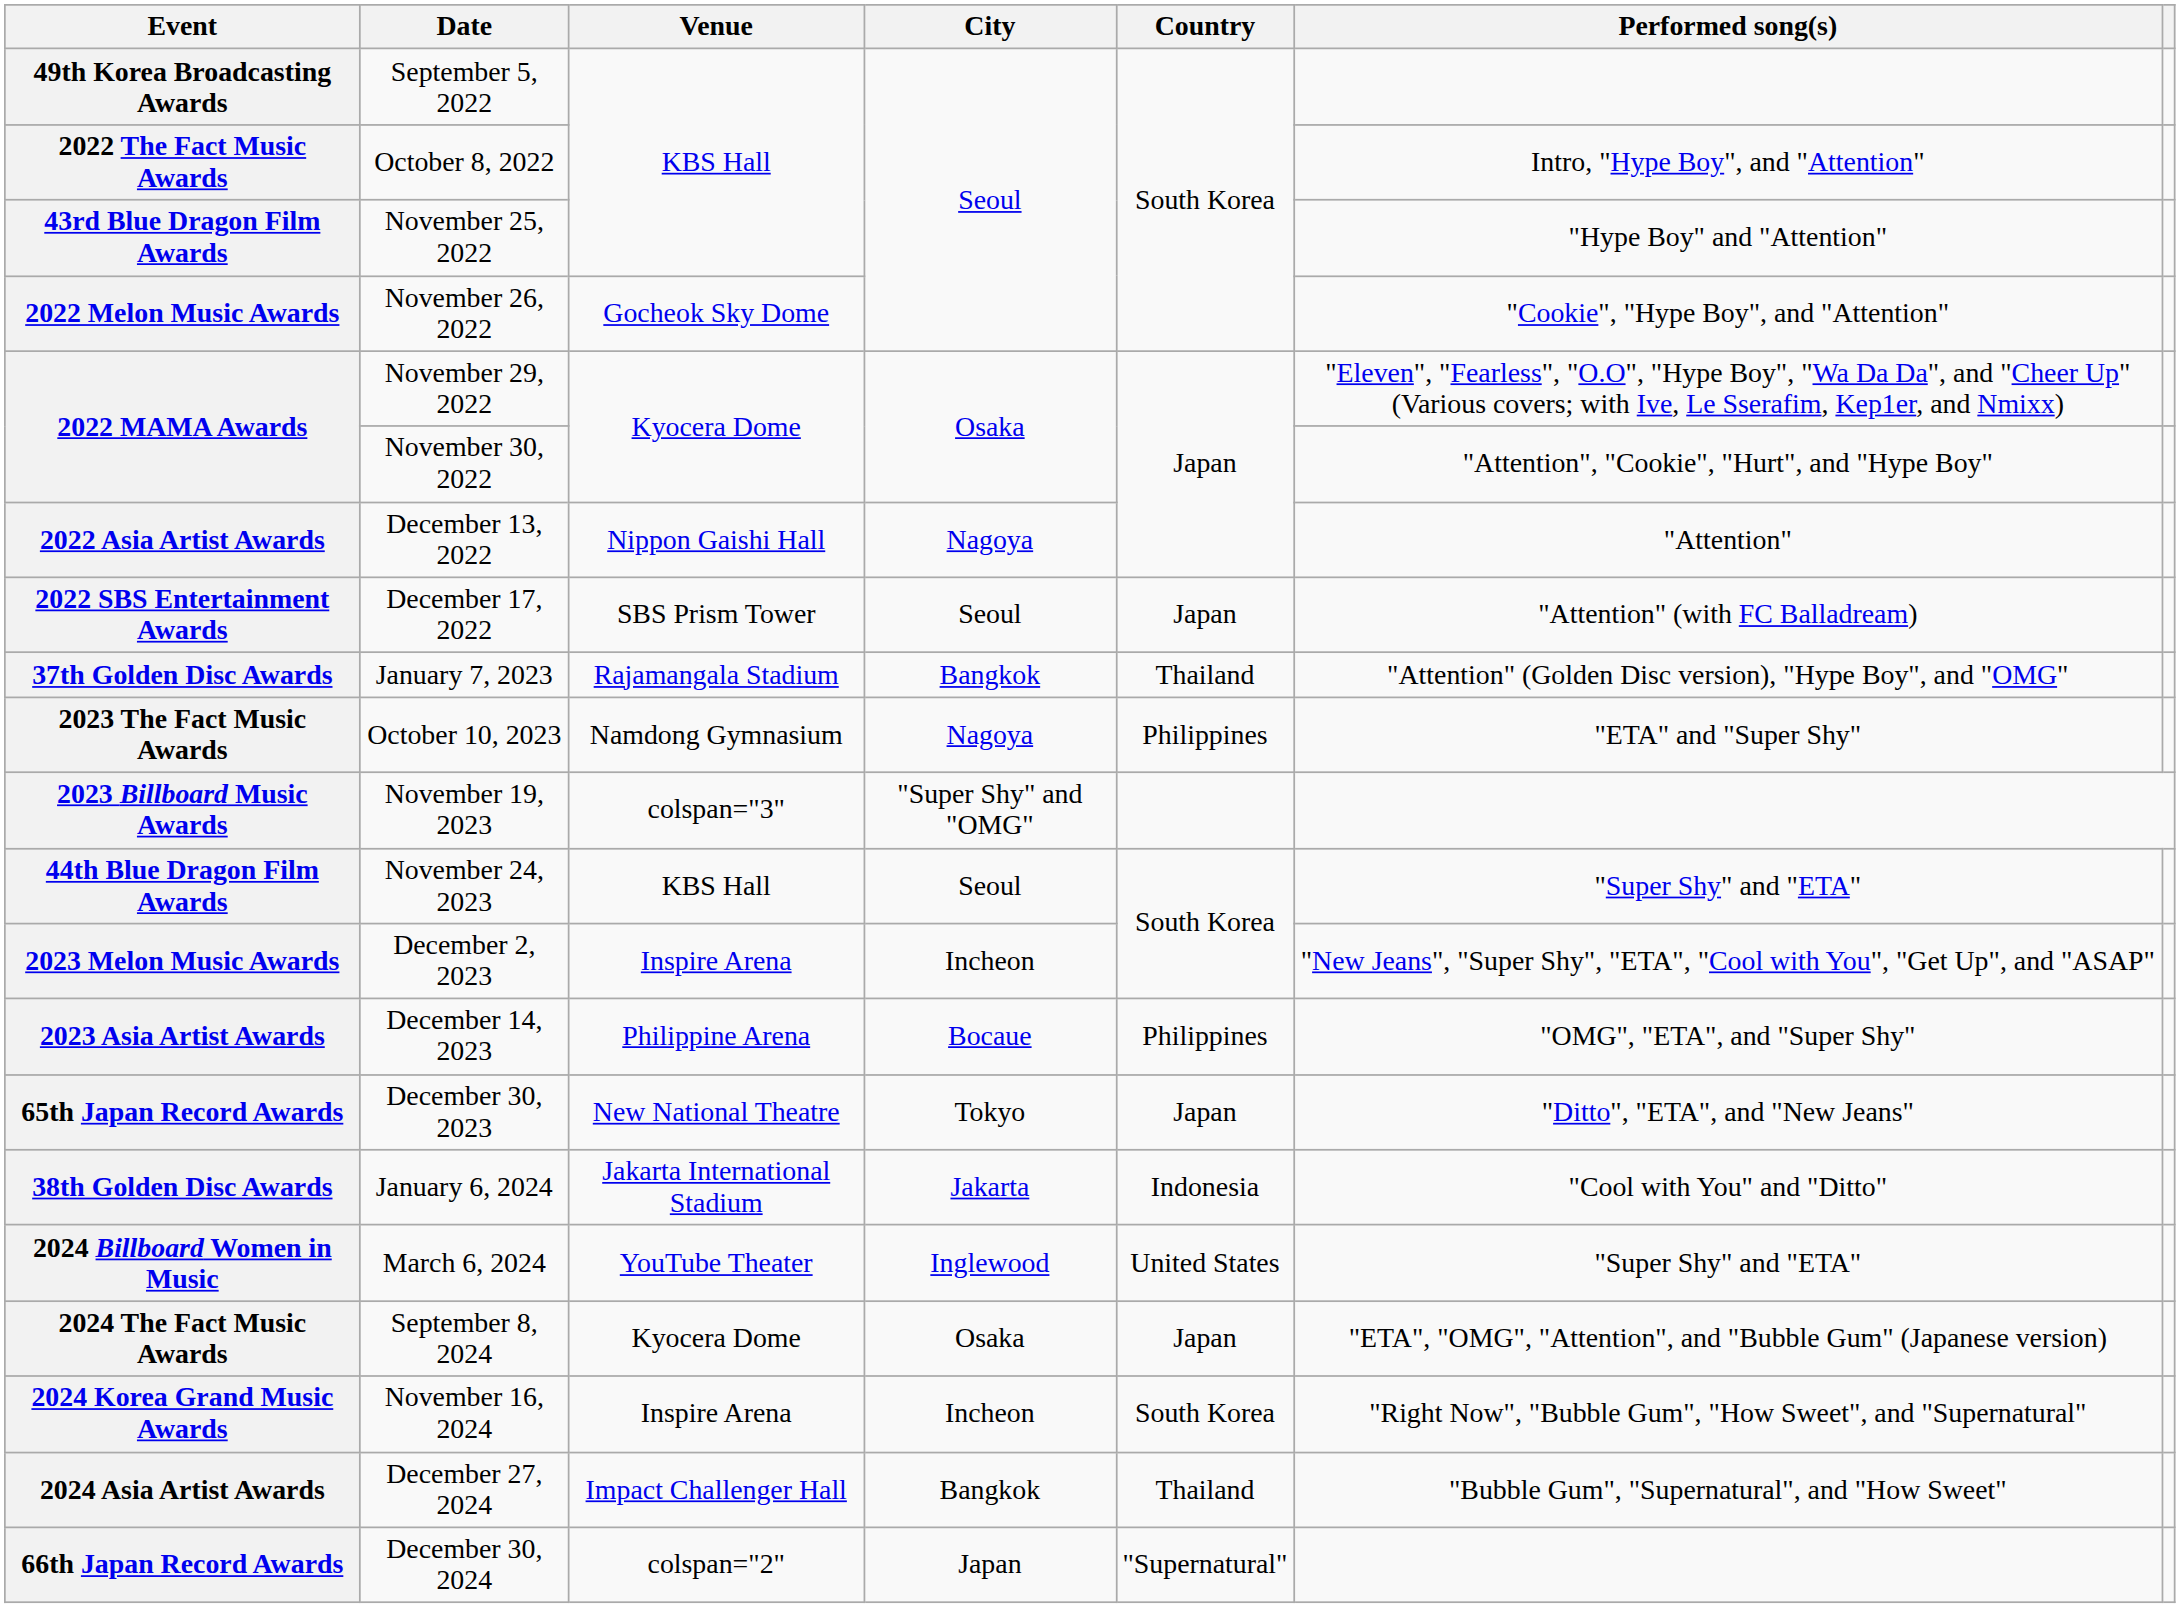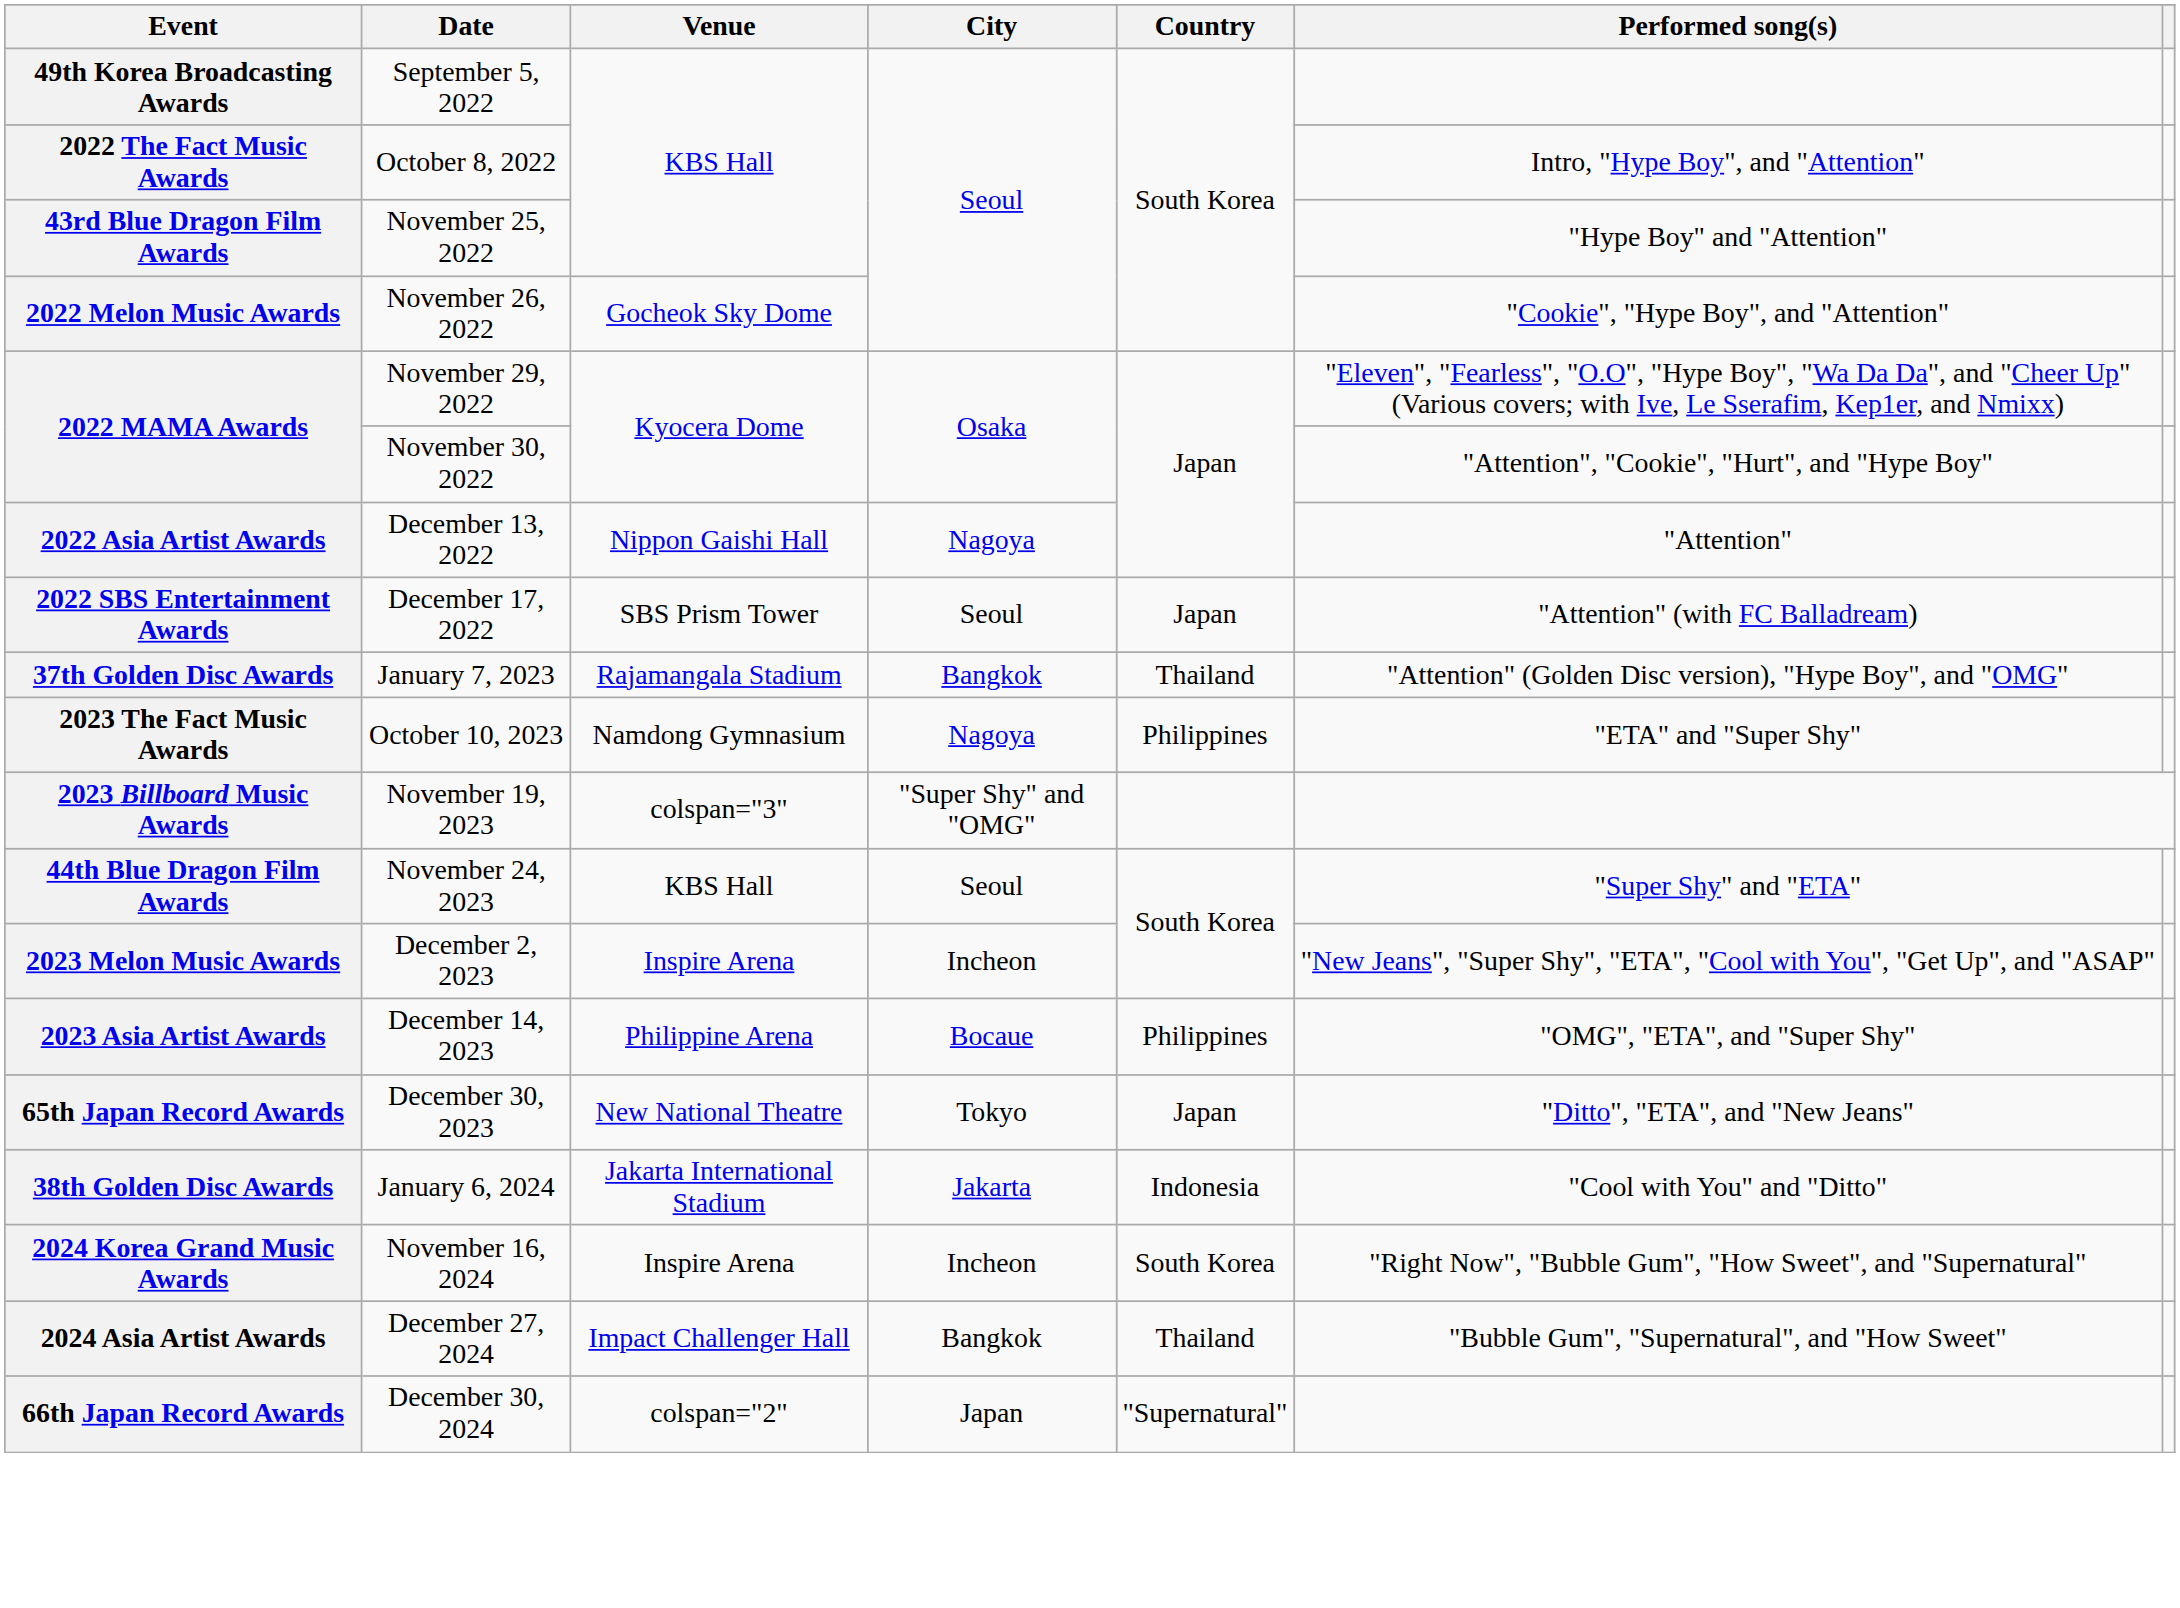 <table class="wikitable sortable plainrowheaders" style="text-align:center;">
 <tr>
 <th scope="col">Event</th>
 <th scope="col">Date</th>
 <th scope="col">Venue</th>
 <th scope="col">City</th>
 <th scope="col">Country</th>
 <th scope="col" style="width:40%">Performed song(s)</th>
 <th scope="col" class="unsortable"></th>
 </tr>
 <tr>
 <th scope="row">49th Korea Broadcasting Awards</th>
 <td>September 5, 2022</td>
 <td rowspan="3"><a href='#'>KBS Hall</a></td>
 <td rowspan="4"><a href='#'>Seoul</a></td>
 <td rowspan="4">South Korea</td>
 <td></td>
 <td></td>
 </tr>
 <tr>
 <th scope="row">2022 <a href='#'>The Fact Music Awards</a></th>
 <td>October 8, 2022</td>
 <td>Intro, "<a href='#'>Hype Boy</a>", and "<a href='#'>Attention</a>"</td>
 <td></td>
 </tr>
 <tr>
 <th scope="row"><a href='#'>43rd Blue Dragon Film Awards</a></th>
 <td>November 25, 2022</td>
 <td>"Hype Boy" and "Attention"</td>
 <td></td>
 </tr>
 <tr>
 <th scope="row"><a href='#'>2022 Melon Music Awards</a></th>
 <td>November 26, 2022</td>
 <td><a href='#'>Gocheok Sky Dome</a></td>
 <td>"<a href='#'>Cookie</a>", "Hype Boy", and "Attention"</td>
 <td></td>
 </tr>
 <tr>
 <th scope="row" rowspan="2"><a href='#'>2022 MAMA Awards</a></th>
 <td>November 29, 2022</td>
 <td rowspan="2"><a href='#'>Kyocera Dome</a></td>
 <td rowspan="2"><a href='#'>Osaka</a></td>
 <td rowspan="3">Japan</td>
 <td>"<a href='#'>Eleven</a>", "<a href='#'>Fearless</a>", "<a href='#'>O.O</a>", "Hype Boy", "<a href='#'>Wa Da Da</a>", and "<a href='#'>Cheer Up</a>" (Various covers; with <a href='#'>Ive</a>, <a href='#'>Le Sserafim</a>, <a href='#'>Kep1er</a>, and <a href='#'>Nmixx</a>)</td>
 <td></td>
 </tr>
 <tr>
 <td>November 30, 2022</td>
 <td>"Attention", "Cookie", "Hurt", and "Hype Boy"</td>
 <td></td>
 </tr>
 <tr>
 <th scope="row"><a href='#'>2022 Asia Artist Awards</a></th>
 <td>December 13, 2022</td>
 <td><a href='#'>Nippon Gaishi Hall</a></td>
 <td><a href='#'>Nagoya</a></td>
 <td>"Attention"</td>
 <td></td>
 </tr>
 <tr>
 <th scope="row"><a href='#'>2022 SBS Entertainment Awards</a></th>
 <td>December 17, 2022</td>
 <td>SBS Prism Tower</td>
 <td>Seoul</td>
 <td>Japan</td>
 <td>"Attention" (with <a href='#'>FC Balladream</a>)</td>
 <td></td>
 </tr>
 <tr>
 <th scope="row"><a href='#'>37th Golden Disc Awards</a></th>
 <td>January 7, 2023</td>
 <td><a href='#'>Rajamangala Stadium</a></td>
 <td><a href='#'>Bangkok</a></td>
 <td>Thailand</td>
 <td>"Attention" (Golden Disc version), "Hype Boy", and "<a href='#'>OMG</a>"</td>
 <td></td>
 </tr>
 <tr>
 <th scope="row">2023 The Fact Music Awards</th>
 <td>October 10, 2023</td>
 <td>Namdong Gymnasium</td>
 <td><a href='#'>Nagoya</a></td>
 <td>Philippines</td>
 <td>"ETA" and "Super Shy"</td>
 <td></td>
 </tr>
 <tr>
 <th scope="row"><a href='#'>2023 <em>Billboard</em> Music Awards</a></th>
 <td>November 19, 2023</td>
 <td>colspan="3" </td>
 <td>"Super Shy" and "OMG"</td>
 <td></td>
 </tr>
 <tr>
 <th scope="row"><a href='#'>44th Blue Dragon Film Awards</a></th>
 <td>November 24, 2023</td>
 <td>KBS Hall</td>
 <td>Seoul</td>
 <td rowspan="2">South Korea</td>
 <td>"<a href='#'>Super Shy</a>" and "<a href='#'>ETA</a>"</td>
 <td></td>
 </tr>
 <tr>
 <th scope="row"><a href='#'>2023 Melon Music Awards</a></th>
 <td>December 2, 2023</td>
 <td><a href='#'>Inspire Arena</a></td>
 <td>Incheon</td>
 <td>"<a href='#'>New Jeans</a>", "Super Shy", "ETA", "<a href='#'>Cool with You</a>", "Get Up", and "ASAP"</td>
 <td></td>
 </tr>
 <tr>
 <th scope="row"><a href='#'>2023 Asia Artist Awards</a></th>
 <td>December 14, 2023</td>
 <td><a href='#'>Philippine Arena</a></td>
 <td><a href='#'>Bocaue</a></td>
 <td>Philippines</td>
 <td>"OMG", "ETA", and "Super Shy"</td>
 <td></td>
 </tr>
 <tr>
 <th scope="row">65th <a href='#'>Japan Record Awards</a></th>
 <td>December 30, 2023</td>
 <td><a href='#'>New National Theatre</a></td>
 <td>Tokyo</td>
 <td>Japan</td>
 <td>"<a href='#'>Ditto</a>", "ETA", and "New Jeans"</td>
 <td></td>
 </tr>
 <tr>
 <th scope="row"><a href='#'>38th Golden Disc Awards</a></th>
 <td>January 6, 2024</td>
 <td><a href='#'>Jakarta International Stadium</a></td>
 <td><a href='#'>Jakarta</a></td>
 <td>Indonesia</td>
 <td>"Cool with You" and "Ditto"</td>
 <td></td>
 </tr>
 <tr>
-<th scope="row">2024 <a href='#'><em>Billboard</em> Women in Music</a></th>
-<td>March 6, 2024</td>
-<td><a href='#'>YouTube Theater</a></td>
-<td><a href='#'>Inglewood</a></td>
-<td>United States</td>
-<td>"Super Shy" and "ETA"</td>
-<td></td>
-</tr>
-<tr>
-<th scope="row">2024 The Fact Music Awards</th>
-<td>September 8, 2024</td>
-<td>Kyocera Dome</td>
-<td>Osaka</td>
-<td>Japan</td>
-<td>"ETA", "OMG", "Attention", and "Bubble Gum" (Japanese version)</td>
-<td></td>
-</tr>
-<tr>
 <th scope="row"><a href='#'>2024 Korea Grand Music Awards</a></th>
 <td>November 16, 2024</td>
 <td>Inspire Arena</td>
 <td>Incheon</td>
 <td>South Korea</td>
 <td>"Right Now", "Bubble Gum", "How Sweet", and "Supernatural"</td>
 <td></td>
 </tr>
 <tr>
 <th scope="row">2024 Asia Artist Awards</th>
 <td>December 27, 2024</td>
 <td><a href='#'>Impact Challenger Hall</a></td>
 <td>Bangkok</td>
 <td>Thailand</td>
 <td>"Bubble Gum", "Supernatural", and "How Sweet"</td>
 <td></td>
 </tr>
 <tr>
 <th scope="row">66th <a href='#'>Japan Record Awards</a></th>
 <td>December 30, 2024</td>
 <td>colspan="2" </td>
 <td>Japan</td>
 <td>"Supernatural"</td>
 <td></td>
 </tr>
 </table>
